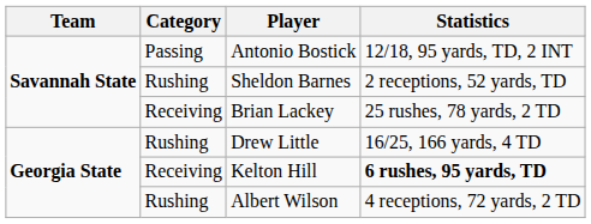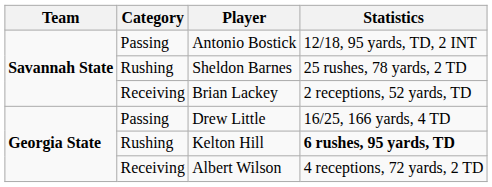 <table class="wikitable" style="float: right;">
 <tr>
 <th>Team</th>
 <th>Category</th>
 <th>Player</th>
 <th>Statistics</th>
 </tr>
 <tr>
 <td rowspan=3><strong>Savannah State</strong></td>
 <td>Passing</td>
 <td>Antonio Bostick</td>
 <td>12/18, 95 yards, TD, 2 INT</td>
 </tr>
 <tr>
 <td>Rushing</td>
 <td>Sheldon Barnes</td>
-<td>2 receptions, 52 yards, TD</td>
+<td>25 rushes, 78 yards, 2 TD</td>
 </tr>
 <tr>
 <td>Receiving</td>
 <td>Brian Lackey</td>
-<td>25 rushes, 78 yards, 2 TD</td>
+<td>2 receptions, 52 yards, TD</td>
 </tr>
 <tr>
 <td rowspan=3><strong>Georgia State</strong></td>
-<td>Rushing</td>
+<td>Passing</td>
 <td>Drew Little</td>
 <td>16/25, 166 yards, 4 TD</td>
 </tr>
 <tr>
-<td>Receiving</td>
+<td>Rushing</td>
 <td>Kelton Hill</td>
 <td><strong>6 rushes, 95 yards, TD</strong></td>
 </tr>
 <tr>
-<td>Rushing</td>
+<td>Receiving</td>
 <td>Albert Wilson</td>
 <td>4 receptions, 72 yards, 2 TD</td>
 </tr>
 </table>
